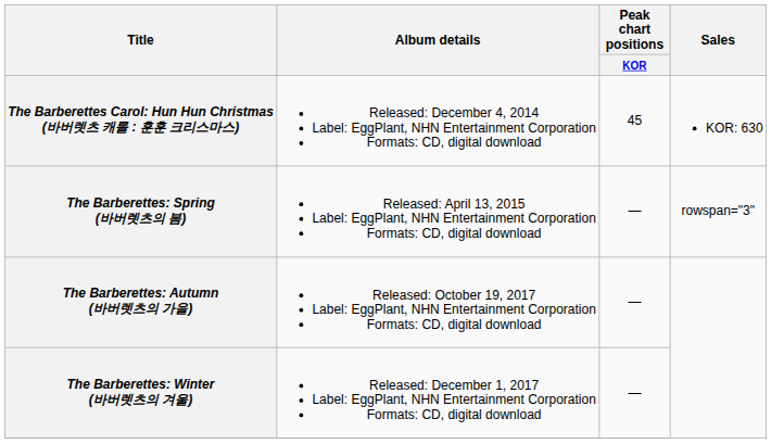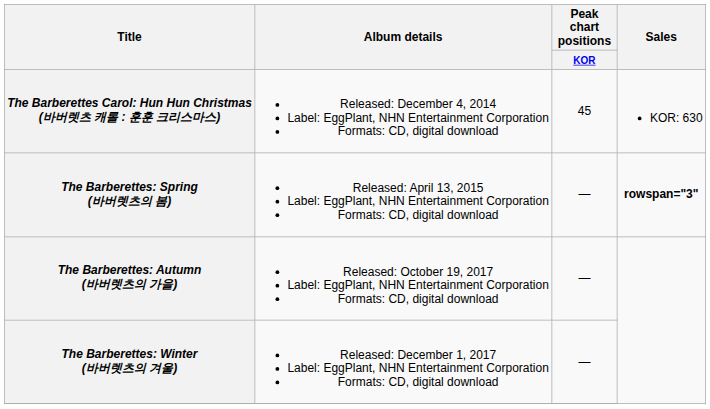 <table class="wikitable plainrowheaders" style="text-align:center;">
 <tr>
 <th scope="col" rowspan="2">Title</th>
 <th scope="col" rowspan="2">Album details</th>
 <th scope="col" colspan="1" style="width:5em;">Peak chart positions</th>
 <th scope="col" rowspan="2">Sales</th>
 </tr>
 <tr>
 <th><small><a href='#'>KOR</a></small><br></th>
 </tr>
 <tr>
 <th scope="row"><em>The Barberettes Carol: Hun Hun Christmas<br>(바버렛츠 캐롤 : 훈훈 크리스마스)</em></th>
 <td><br><ul><li>Released: December 4, 2014</li><li>Label: EggPlant, NHN Entertainment Corporation</li><li>Formats: CD, digital download</li></ul></td>
 <td>45</td>
 <td><br><ul><li>KOR: 630</li></ul></td>
 </tr>
 <tr>
 <th scope="row"><em>The Barberettes: Spring<br>(바버렛츠의 봄)</em></th>
 <td><br><ul><li>Released: April 13, 2015</li><li>Label: EggPlant, NHN Entertainment Corporation</li><li>Formats: CD, digital download</li></ul></td>
 <td>—</td>
-<td>rowspan="3" </td>
+<td><strong>rowspan="3" </strong></td>
 </tr>
 <tr>
 <th scope="row"><em>The Barberettes: Autumn<br>(바버렛츠의 가을)</em></th>
 <td><br><ul><li>Released: October 19, 2017</li><li>Label: EggPlant, NHN Entertainment Corporation</li><li>Formats: CD, digital download</li></ul></td>
 <td>—</td>
 </tr>
 <tr>
 <th scope="row"><em>The Barberettes: Winter<br>(바버렛츠의 겨울)</em></th>
 <td><br><ul><li>Released: December 1, 2017</li><li>Label: EggPlant, NHN Entertainment Corporation</li><li>Formats: CD, digital download</li></ul></td>
 <td>—</td>
 </tr>
 <tr>
 </tr>
 </table>
